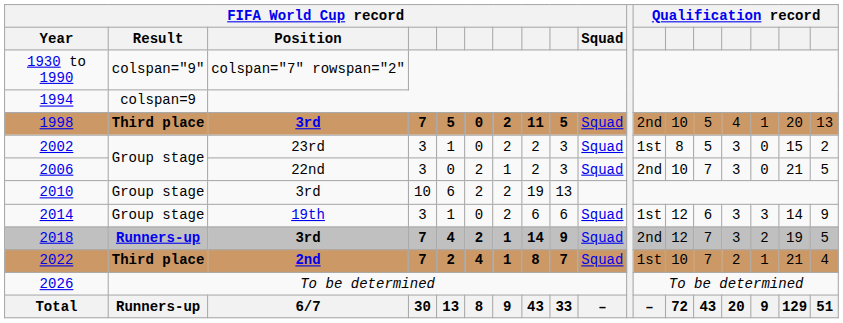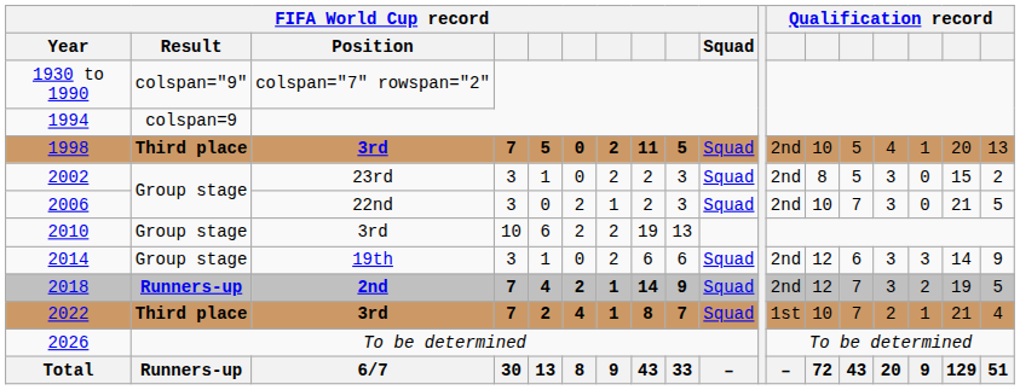 <table class="wikitable" style="text-align: center">
 <tr>
 <th colspan="10"><a href='#'>FIFA World Cup</a> record</th>
 <th rowspan="14"></th>
 <th colspan="7"><a href='#'>Qualification</a> record</th>
 </tr>
 <tr>
 <th width="90">Year</th>
 <th>Result</th>
 <th>Position</th>
 <th width="20"></th>
 <th width="20"></th>
 <th width="20"></th>
 <th width="20"></th>
 <th width="20"></th>
 <th width="20"></th>
 <th width="20">Squad</th>
 <th width="20"></th>
 <th width="20"></th>
 <th width="20"></th>
 <th width="20"></th>
 <th width="20"></th>
 <th width="20"></th>
 <th width="20"></th>
 </tr>
 <tr>
 <td><a href='#'>1930</a> to <a href='#'>1990</a></td>
 <td>colspan="9" </td>
 <td>colspan="7" rowspan="2" </td>
 </tr>
 <tr>
 <td> <a href='#'>1994</a></td>
 <td>colspan=9 </td>
 </tr>
 <tr>
 </tr>
 <tr bgcolor="#cc9966">
 <td> <a href='#'>1998</a></td>
 <td><strong>Third place</strong></td>
 <td><strong><a href='#'>3rd</a></strong></td>
 <td><strong>7</strong></td>
 <td><strong>5</strong></td>
 <td><strong>0</strong></td>
 <td><strong>2</strong></td>
 <td><strong>11</strong></td>
 <td><strong>5</strong></td>
 <td><a href='#'>Squad</a></td>
 <td>2nd</td>
 <td>10</td>
 <td>5</td>
 <td>4</td>
 <td>1</td>
 <td>20</td>
 <td>13</td>
 </tr>
 <tr>
 <td>  <a href='#'>2002</a></td>
 <td rowspan=2>Group stage</td>
 <td>23rd</td>
 <td>3</td>
 <td>1</td>
 <td>0</td>
 <td>2</td>
 <td>2</td>
 <td>3</td>
 <td><a href='#'>Squad</a></td>
-<td>1st</td>
+<td>2nd</td>
 <td>8</td>
 <td>5</td>
 <td>3</td>
 <td>0</td>
 <td>15</td>
 <td>2</td>
 </tr>
 <tr>
 <td> <a href='#'>2006</a></td>
 <td>22nd</td>
 <td>3</td>
 <td>0</td>
 <td>2</td>
 <td>1</td>
 <td>2</td>
 <td>3</td>
 <td><a href='#'>Squad</a></td>
 <td>2nd</td>
 <td>10</td>
 <td>7</td>
 <td>3</td>
 <td>0</td>
 <td>21</td>
 <td>5</td>
 </tr>
 <tr>
 <td> <a href='#'>2010</a></td>
 <td>Group stage</td>
 <td>3rd</td>
 <td>10</td>
 <td>6</td>
 <td>2</td>
 <td>2</td>
 <td>19</td>
 <td>13</td>
 </tr>
 <tr>
 <td> <a href='#'>2014</a></td>
 <td>Group stage</td>
 <td><a href='#'>19th</a></td>
 <td>3</td>
 <td>1</td>
 <td>0</td>
 <td>2</td>
 <td>6</td>
 <td>6</td>
 <td><a href='#'>Squad</a></td>
-<td>1st</td>
+<td>2nd</td>
 <td>12</td>
 <td>6</td>
 <td>3</td>
 <td>3</td>
 <td>14</td>
 <td>9</td>
 </tr>
 <tr style="background:silver;">
 <td> <a href='#'>2018</a></td>
 <td><strong><a href='#'>Runners-up</a></strong></td>
-<td><strong>3rd</strong></td>
+<td><strong><a href='#'>2nd</a></strong></td>
 <td><strong>7</strong></td>
 <td><strong>4</strong></td>
 <td><strong>2</strong></td>
 <td><strong>1</strong></td>
 <td><strong>14</strong></td>
 <td><strong>9</strong></td>
 <td><a href='#'>Squad</a></td>
 <td>2nd</td>
 <td>12</td>
 <td>7</td>
 <td>3</td>
 <td>2</td>
 <td>19</td>
 <td>5</td>
 </tr>
 <tr bgcolor="#cc9966">
 <td> <a href='#'>2022</a></td>
 <td><strong>Third place</strong></td>
-<td><strong><a href='#'>2nd</a></strong></td>
+<td><strong>3rd</strong></td>
 <td><strong>7</strong></td>
 <td><strong>2</strong></td>
 <td><strong>4</strong></td>
 <td><strong>1</strong></td>
 <td><strong>8</strong></td>
 <td><strong>7</strong></td>
 <td><a href='#'>Squad</a></td>
 <td>1st</td>
 <td>10</td>
 <td>7</td>
 <td>2</td>
 <td>1</td>
 <td>21</td>
 <td>4</td>
 </tr>
 <tr>
 <td> <a href='#'>2026</a></td>
 <td colspan=9><em>To be determined</em></td>
 <td colspan=9><em>To be determined</em></td>
 </tr>
 <tr>
 <th>Total</th>
 <th>Runners-up</th>
 <th>6/7</th>
 <th>30</th>
 <th>13</th>
 <th>8</th>
 <th>9</th>
 <th>43</th>
 <th>33</th>
 <th>–</th>
 <th>–</th>
 <th>72</th>
 <th>43</th>
 <th>20</th>
 <th>9</th>
 <th>129</th>
 <th>51</th>
 </tr>
 </table>
